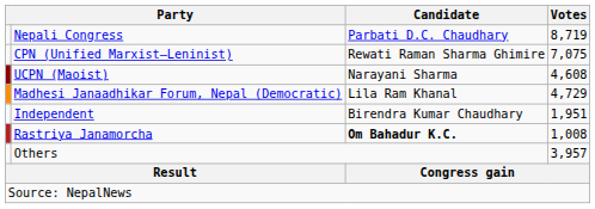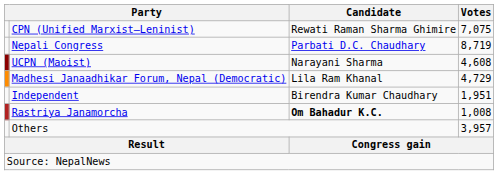 <table class="wikitable">
 <tr>
 <th colspan="2">Party</th>
 <th>Candidate</th>
 <th>Votes</th>
 </tr>
 <tr>
 <td style="background-color:"></td>
+<td><a href='#'>CPN (Unified Marxist–Leninist)</a></td>
+<td>Rewati Raman Sharma Ghimire</td>
+<td>7,075</td>
+</tr>
+<tr>
+<td style="background-color:"></td>
 <td><a href='#'>Nepali Congress</a></td>
 <td><a href='#'>Parbati D.C. Chaudhary</a></td>
 <td>8,719</td>
-</tr>
-<tr>
-<td style="background-color:"></td>
-<td><a href='#'>CPN (Unified Marxist–Leninist)</a></td>
-<td>Rewati Raman Sharma Ghimire</td>
-<td>7,075</td>
 </tr>
 <tr>
 <td style="background-color:darkred"></td>
 <td><a href='#'>UCPN (Maoist)</a></td>
 <td>Narayani Sharma</td>
 <td>4,608</td>
 </tr>
 <tr>
 <td style="background-color:darkorange"></td>
 <td><a href='#'>Madhesi Janaadhikar Forum, Nepal (Democratic)</a></td>
 <td>Lila Ram Khanal</td>
 <td>4,729</td>
 </tr>
 <tr>
 <td style="background-color:"></td>
 <td><a href='#'>Independent</a></td>
 <td>Birendra Kumar Chaudhary</td>
 <td>1,951</td>
 </tr>
 <tr>
 <td style="background-color:firebrick"></td>
 <td><a href='#'>Rastriya Janamorcha</a></td>
 <td><strong>Om Bahadur K.C.</strong></td>
 <td>1,008</td>
 </tr>
 <tr>
 <td></td>
 <td colspan="2">Others</td>
 <td>3,957</td>
 </tr>
 <tr>
 <th colspan="2">Result</th>
 <th colspan="2">Congress gain</th>
 </tr>
 <tr>
 <td colspan="4">Source: NepalNews</td>
 </tr>
 </table>
